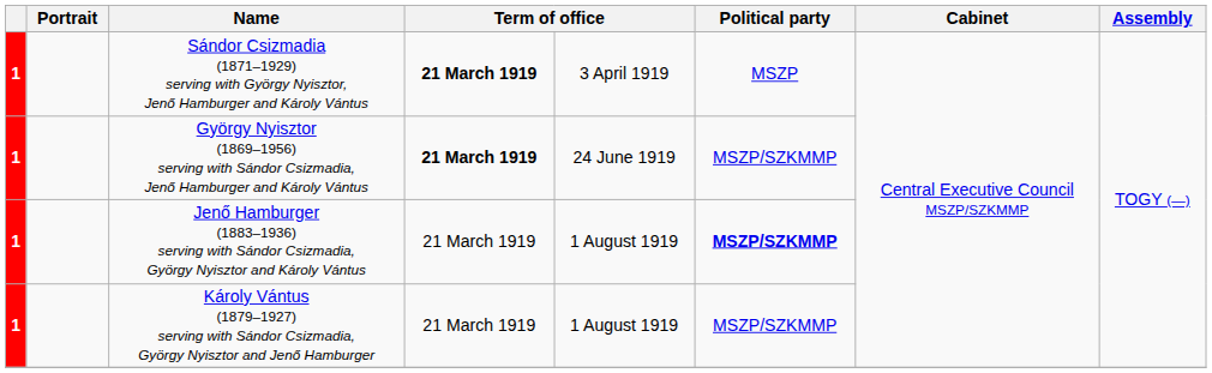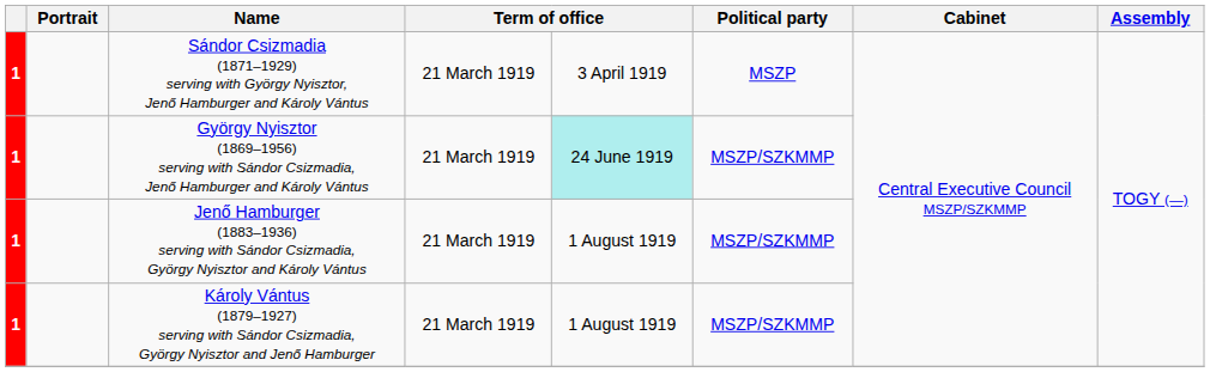 <table class="wikitable" style="width:90%; text-align:center;">
 <tr>
 <th></th>
 <th>Portrait</th>
 <th>Name<br></th>
 <th colspan=2>Term of office</th>
 <th>Political party</th>
 <th>Cabinet</th>
 <th><a href='#'>Assembly</a><br></th>
 </tr>
 <tr>
 <th style="background-color:Red; color:white">1</th>
 <td></td>
 <td><a href='#'>Sándor Csizmadia</a><br><small>(1871–1929)<br><em>serving with György Nyisztor,<br>Jenő Hamburger and Károly Vántus</em></small></td>
-<td><strong>21 March 1919</strong></td>
+<td>21 March 1919</td>
 <td>3 April 1919</td>
 <td><a href='#'>MSZP</a></td>
 <td rowspan="4"><a href='#'>Central Executive Council</a><br><small><a href='#'>MSZP/SZKMMP</a></small></td>
 <td rowspan="4"><a href='#'>TOGY <small>(—)</small></a></td>
 </tr>
 <tr>
 <th style="background-color:Red; color:white">1</th>
 <td></td>
 <td><a href='#'>György Nyisztor</a><br><small>(1869–1956)<br><em>serving with Sándor Csizmadia,<br>Jenő Hamburger and Károly Vántus</em></small></td>
-<td><strong>21 March 1919</strong></td>
-<td>24 June 1919</td>
+<td>21 March 1919</td>
+<td style="background: paleturquoise;">24 June 1919</td>
 <td><a href='#'>MSZP/SZKMMP</a></td>
 </tr>
 <tr>
 <th style="background-color:Red; color:white">1</th>
 <td></td>
 <td><a href='#'>Jenő Hamburger</a><br><small>(1883–1936)<br><em>serving with Sándor Csizmadia,<br>György Nyisztor and Károly Vántus</em></small></td>
 <td>21 March 1919</td>
 <td>1 August 1919</td>
-<td><strong><a href='#'>MSZP/SZKMMP</a></strong></td>
+<td><a href='#'>MSZP/SZKMMP</a></td>
 </tr>
 <tr>
 <th style="background-color:Red; color:white">1</th>
 <td></td>
 <td><a href='#'>Károly Vántus</a><br><small>(1879–1927)<br><em>serving with Sándor Csizmadia,<br>György Nyisztor and Jenő Hamburger</em></small></td>
 <td>21 March 1919</td>
 <td>1 August 1919</td>
 <td><a href='#'>MSZP/SZKMMP</a></td>
 </tr>
 <tr>
 </tr>
 </table>
